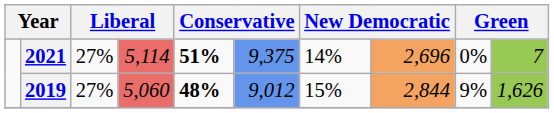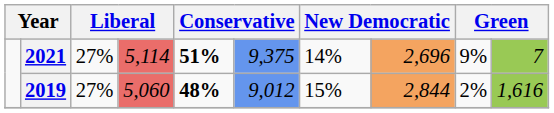 <table class="wikitable" style="float:right; width:400; font-size:90%; margin-left:1em;">
 <tr>
 <th colspan="2" scope="col">Year</th>
 <th colspan="2" scope="col"><a href='#'>Liberal</a></th>
 <th colspan="2" scope="col"><a href='#'>Conservative</a></th>
 <th colspan="2" scope="col"><a href='#'>New Democratic</a></th>
 <th colspan="2" scope="col"><a href='#'>Green</a></th>
 </tr>
 <tr>
 <td rowspan="2" style="width: 0.25em; background-color: "></td>
 <th><a href='#'>2021</a></th>
 <td>27%</td>
 <td style="text-align:right; background:#EA6D6A;"><em>5,114</em></td>
 <td><strong>51%</strong></td>
 <td style="text-align:right; background:#6495ED;"><em>9,375</em></td>
 <td>14%</td>
 <td style="text-align:right; background:#F4A460;"><em>2,696</em></td>
-<td>0%</td>
+<td>9%</td>
 <td style="text-align:right; background:#99C955;"><em>7</em></td>
 </tr>
 <tr>
 <th><a href='#'>2019</a></th>
 <td>27%</td>
 <td style="text-align:right; background:#EA6D6A;"><em>5,060</em></td>
 <td><strong>48%</strong></td>
 <td style="text-align:right; background:#6495ED;"><em>9,012</em></td>
 <td>15%</td>
 <td style="text-align:right; background:#F4A460;"><em>2,844</em></td>
-<td>9%</td>
-<td style="text-align:right; background:#99C955;"><em>1,626</em></td>
+<td>2%</td>
+<td style="text-align:right; background:#99C955;"><em>1,616</em></td>
 </tr>
 <tr>
 </tr>
 </table>
